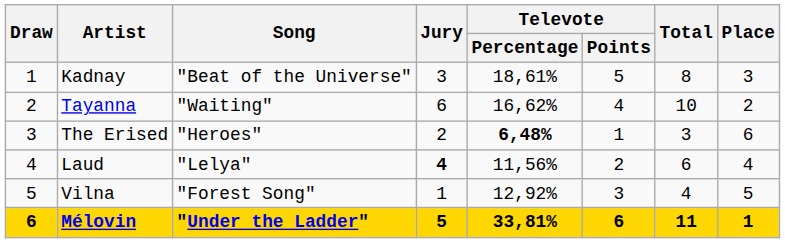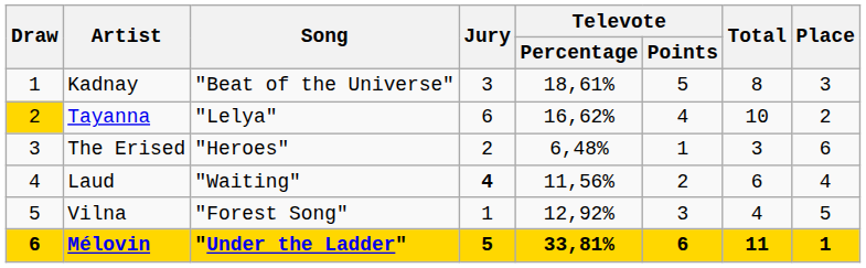 <table class="sortable wikitable" style="margin: 1em auto 1em auto; text-align:center;">
 <tr>
 <th rowspan="2">Draw</th>
 <th rowspan="2">Artist</th>
 <th rowspan="2">Song</th>
 <th rowspan="2">Jury</th>
 <th colspan="2" class="unsortable">Televote</th>
 <th rowspan="2">Total</th>
 <th rowspan="2">Place</th>
 </tr>
 <tr>
 <th>Percentage</th>
 <th>Points</th>
 </tr>
 <tr>
 <td>1</td>
 <td style="text-align:left">Kadnay</td>
 <td style="text-align:left">"Beat of the Universe"</td>
 <td>3</td>
 <td>18,61%</td>
 <td>5</td>
 <td>8</td>
 <td>3</td>
 </tr>
 <tr>
-<td>2</td>
+<td style="background: gold;">2</td>
 <td style="text-align:left"><a href='#'>Tayanna</a></td>
-<td style="text-align:left">"Waiting"</td>
+<td style="text-align:left">"Lelya"</td>
 <td>6</td>
 <td>16,62%</td>
 <td>4</td>
 <td>10</td>
 <td>2</td>
 </tr>
 <tr>
 <td>3</td>
 <td style="text-align:left">The Erised</td>
 <td style="text-align:left">"Heroes"</td>
 <td>2</td>
-<td><strong>6,48%</strong></td>
+<td>6,48%</td>
 <td>1</td>
 <td>3</td>
 <td>6</td>
 </tr>
 <tr>
 <td>4</td>
 <td style="text-align:left">Laud</td>
-<td style="text-align:left">"Lelya"</td>
+<td style="text-align:left">"Waiting"</td>
 <td><strong>4</strong></td>
 <td>11,56%</td>
 <td>2</td>
 <td>6</td>
 <td>4</td>
 </tr>
 <tr>
 <td>5</td>
 <td style="text-align:left">Vilna</td>
 <td style="text-align:left">"Forest Song"</td>
 <td>1</td>
 <td>12,92%</td>
 <td>3</td>
 <td>4</td>
 <td>5</td>
 </tr>
 <tr style="font-weight:bold; background:gold;">
 <td>6</td>
 <td style="text-align:left"><a href='#'>Mélovin</a></td>
 <td style="text-align:left">"<a href='#'>Under the Ladder</a>"</td>
 <td>5</td>
 <td>33,81%</td>
 <td>6</td>
 <td>11</td>
 <td>1</td>
 </tr>
 </table>
